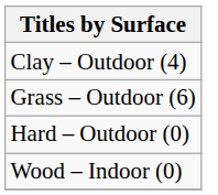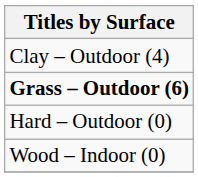 <table class="wikitable" style="display:inline-table;">
 <tr>
 <th>Titles by Surface</th>
 </tr>
 <tr>
 <td>Clay – Outdoor (4)</td>
 </tr>
 <tr>
-<td>Grass – Outdoor (6)</td>
+<td><strong>Grass – Outdoor (6)</strong></td>
 </tr>
 <tr>
 <td>Hard – Outdoor (0)</td>
 </tr>
 <tr>
 <td>Wood – Indoor (0)</td>
 </tr>
 <tr>
 </tr>
 </table>
